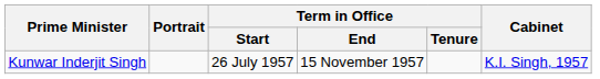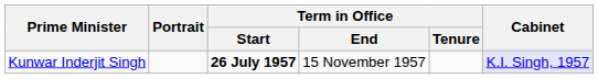 <table class="wikitable">
 <tr>
 <th rowspan="2">Prime Minister</th>
 <th rowspan="2">Portrait</th>
 <th colspan="3">Term in Office</th>
 <th rowspan="2">Cabinet</th>
 </tr>
 <tr>
 <th>Start</th>
 <th>End</th>
 <th>Tenure</th>
 </tr>
 <tr>
 <td><a href='#'>Kunwar Inderjit Singh</a></td>
 <td></td>
-<td>26 July 1957</td>
+<td><strong>26 July 1957</strong></td>
 <td>15 November 1957</td>
 <td></td>
-<td><a href='#'>K.I. Singh, 1957</a></td>
+<td style="background: lavender;"><a href='#'>K.I. Singh, 1957</a></td>
 </tr>
 </table>
